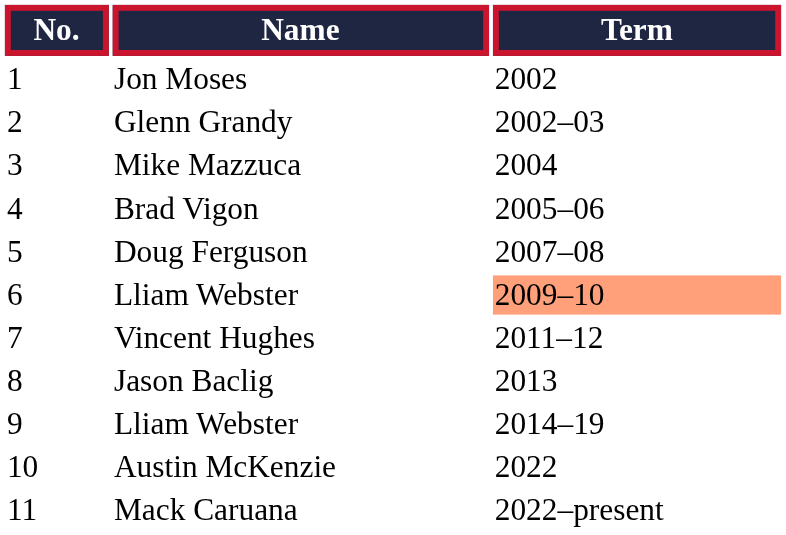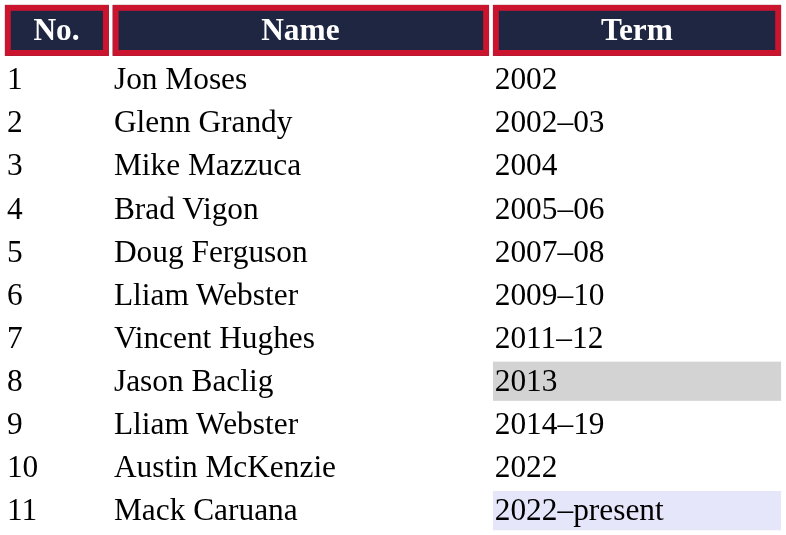 <table class="toccolours" style="width:25em">
 <tr>
 <th style="background:#1f2642;color:white;border:#cb152e 3px solid">No.</th>
 <th style="background:#1f2642;color:white;border:#cb152e 3px solid">Name</th>
 <th style="background:#1f2642;color:white;border:#cb152e 3px solid">Term</th>
 </tr>
 <tr>
 <td>1</td>
 <td> Jon Moses</td>
 <td>2002</td>
 </tr>
 <tr>
 <td>2</td>
 <td> Glenn Grandy</td>
 <td>2002–03</td>
 </tr>
 <tr>
 <td>3</td>
 <td> Mike Mazzuca</td>
 <td>2004</td>
 </tr>
 <tr>
 <td>4</td>
 <td> Brad Vigon</td>
 <td>2005–06</td>
 </tr>
 <tr>
 <td>5</td>
 <td> Doug Ferguson</td>
 <td>2007–08</td>
 </tr>
 <tr>
 <td>6</td>
 <td> Lliam Webster</td>
-<td style="background: lightsalmon;">2009–10</td>
+<td>2009–10</td>
 </tr>
 <tr>
 <td>7</td>
 <td> Vincent Hughes</td>
 <td>2011–12</td>
 </tr>
 <tr>
 <td>8</td>
 <td> Jason Baclig</td>
-<td>2013</td>
+<td style="background: lightgrey;">2013</td>
 </tr>
 <tr>
 <td>9</td>
 <td> Lliam Webster</td>
 <td>2014–19</td>
 </tr>
 <tr>
 <td>10</td>
 <td> Austin McKenzie</td>
 <td>2022</td>
 </tr>
 <tr>
 <td>11</td>
 <td> Mack Caruana</td>
-<td>2022–present</td>
+<td style="background: lavender;">2022–present</td>
 </tr>
 <tr>
 </tr>
 </table>
